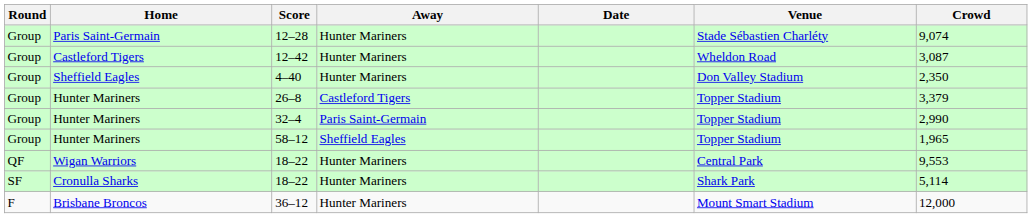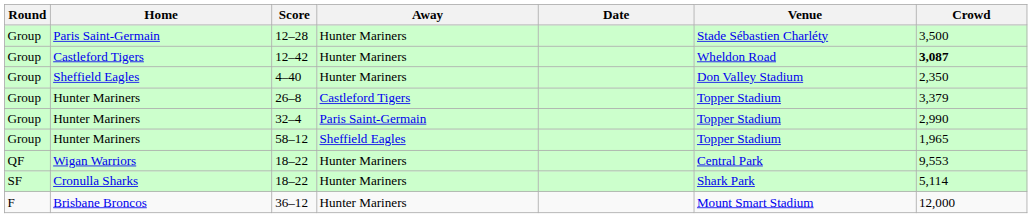 <table class="wikitable sortable">
 <tr>
 <th width=02%>Round</th>
 <th width=20%>Home</th>
 <th width=04%>Score</th>
 <th width=20%>Away</th>
 <th width=14%>Date</th>
 <th width=20%>Venue</th>
 <th width=10%>Crowd</th>
 </tr>
 <tr style="background:#cfc;">
 <td>Group</td>
 <td align=left><a href='#'>Paris Saint-Germain</a></td>
 <td>12–28</td>
 <td align=left>Hunter Mariners</td>
 <td></td>
 <td><a href='#'>Stade Sébastien Charléty</a></td>
-<td>9,074</td>
+<td>3,500</td>
 </tr>
 <tr style="background:#cfc;">
 <td>Group</td>
 <td align=left><a href='#'>Castleford Tigers</a></td>
 <td>12–42</td>
 <td align=left>Hunter Mariners</td>
 <td></td>
 <td><a href='#'>Wheldon Road</a></td>
-<td>3,087</td>
+<td><strong>3,087</strong></td>
 </tr>
 <tr style="background:#cfc;">
 <td>Group</td>
 <td align=left><a href='#'>Sheffield Eagles</a></td>
 <td>4–40</td>
 <td align=left>Hunter Mariners</td>
 <td></td>
 <td><a href='#'>Don Valley Stadium</a></td>
 <td>2,350</td>
 </tr>
 <tr style="background:#cfc;">
 <td>Group</td>
 <td align=left>Hunter Mariners</td>
 <td>26–8</td>
 <td align=left><a href='#'>Castleford Tigers</a></td>
 <td></td>
 <td><a href='#'>Topper Stadium</a></td>
 <td>3,379</td>
 </tr>
 <tr style="background:#cfc;">
 <td>Group</td>
 <td align=left>Hunter Mariners</td>
 <td>32–4</td>
 <td align=left><a href='#'>Paris Saint-Germain</a></td>
 <td></td>
 <td><a href='#'>Topper Stadium</a></td>
 <td>2,990</td>
 </tr>
 <tr style="background:#cfc;">
 <td>Group</td>
 <td align=left>Hunter Mariners</td>
 <td>58–12</td>
 <td align=left><a href='#'>Sheffield Eagles</a></td>
 <td></td>
 <td><a href='#'>Topper Stadium</a></td>
 <td>1,965</td>
 </tr>
 <tr style="background:#cfc;">
 <td>QF</td>
 <td align=left><a href='#'>Wigan Warriors</a></td>
 <td>18–22</td>
 <td align=left>Hunter Mariners</td>
 <td></td>
 <td><a href='#'>Central Park</a></td>
 <td>9,553</td>
 </tr>
 <tr style="background:#cfc;">
 <td>SF</td>
 <td align=left><a href='#'>Cronulla Sharks</a></td>
 <td>18–22</td>
 <td align=left>Hunter Mariners</td>
 <td></td>
 <td><a href='#'>Shark Park</a></td>
 <td>5,114</td>
 </tr>
 <tr>
 <td>F</td>
 <td align=left><a href='#'>Brisbane Broncos</a></td>
 <td>36–12</td>
 <td align=left>Hunter Mariners</td>
 <td></td>
 <td><a href='#'>Mount Smart Stadium</a></td>
 <td>12,000</td>
 </tr>
 </table>
